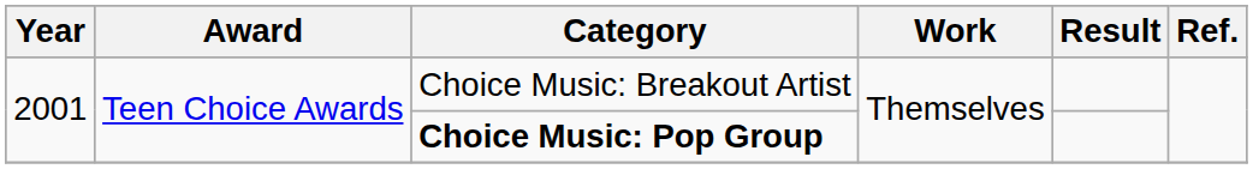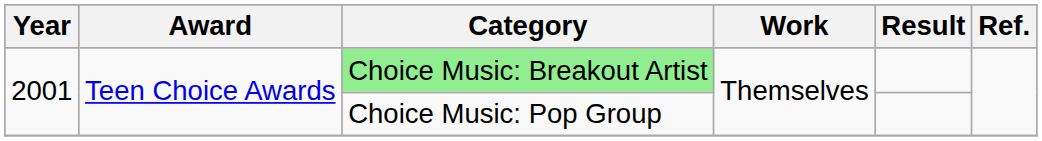 <table class="wikitable">
 <tr>
 <th scope="col">Year</th>
 <th scope="col">Award</th>
 <th scope="col">Category</th>
 <th scope="col">Work</th>
 <th scope="col">Result</th>
 <th scope="col">Ref.</th>
 </tr>
 <tr>
 <td rowspan="2">2001</td>
 <td rowspan="2"><a href='#'>Teen Choice Awards</a></td>
-<td>Choice Music: Breakout Artist</td>
+<td style="background: lightgreen;">Choice Music: Breakout Artist</td>
 <td rowspan="2">Themselves</td>
 <td></td>
 <td rowspan="2"></td>
 </tr>
 <tr>
-<td><strong>Choice Music: Pop Group</strong></td>
+<td>Choice Music: Pop Group</td>
 <td></td>
 </tr>
 <tr>
 </tr>
 </table>
